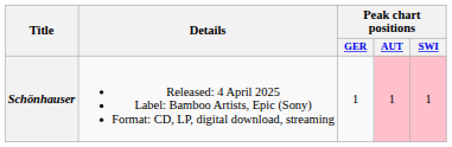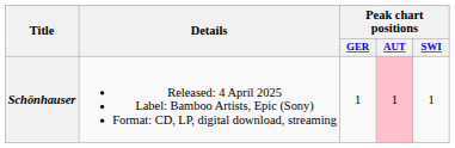 <table class="wikitable plainrowheaders" style="text-align:center">
 <tr>
 <th scope="col" rowspan="2">Title</th>
 <th scope="col" rowspan="2">Details</th>
 <th scope="col" colspan="3">Peak chart positions</th>
 </tr>
 <tr>
 <th scope="col" style="width:3em;font-size:85%"><a href='#'>GER</a><br></th>
 <th scope="col" style="width:3em;font-size:85%"><a href='#'>AUT</a><br></th>
 <th scope="col" style="width:3em;font-size:85%"><a href='#'>SWI</a><br></th>
 </tr>
 <tr>
 <th scope="row"><em>Schönhauser</em></th>
 <td><br><ul><li>Released: 4 April 2025</li><li>Label: Bamboo Artists, Epic (Sony)</li><li>Format: CD, LP, digital download, streaming</li></ul></td>
 <td>1</td>
 <td style="background: pink;">1</td>
-<td style="background: pink;">1</td>
+<td>1</td>
 </tr>
 </table>
